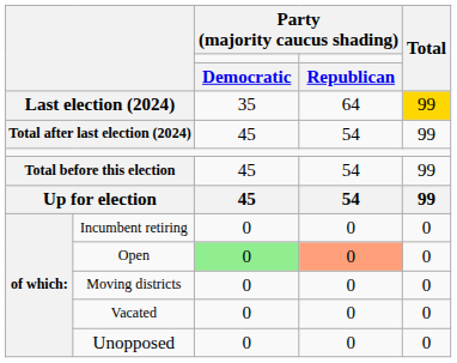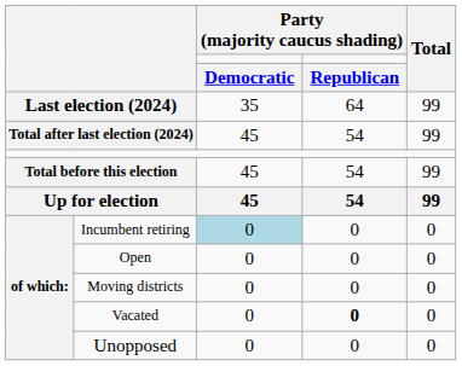 <table class="wikitable" style="text-align:center">
 <tr>
 <th colspan="2" rowspan="3"></th>
 <th colspan="2">Party<div>(majority caucus shading)</div></th>
 <th rowspan="3">Total</th>
 </tr>
 <tr style="height:5px">
 <td style="background-color:"></td>
 <td style="background-color:"></td>
 </tr>
 <tr>
 <th><a href='#'>Democratic</a></th>
 <th><a href='#'>Republican</a></th>
 </tr>
 <tr>
 <th colspan="2" nowrap="">Last election (2024)</th>
 <td>35</td>
 <td>64</td>
-<td style="background: gold;">99</td>
+<td>99</td>
 </tr>
 <tr>
 <th colspan="2" nowrap="" style="font-size:80%">Total after last election (2024)</th>
 <td>45</td>
 <td>54</td>
 <td>99</td>
 </tr>
 <tr>
 <td colspan="5"></td>
 </tr>
 <tr>
 <th colspan="2" nowrap="" style="font-size:80%">Total before this election</th>
 <td>45</td>
 <td>54</td>
 <td>99</td>
 </tr>
 <tr>
 <th colspan="2">Up for election</th>
 <th>45</th>
 <th>54</th>
 <th>99</th>
 </tr>
 <tr>
 <th rowspan="5" style="font-size:80%">of which:</th>
 <td nowrap="" style="font-size:80%">Incumbent retiring</td>
-<td>0</td>
+<td style="background: lightblue;">0</td>
 <td>0</td>
 <td>0</td>
 </tr>
 <tr>
 <td nowrap="" style="font-size:80%">Open</td>
-<td style="background: lightgreen;">0</td>
-<td style="background: lightsalmon;">0</td>
+<td>0</td>
+<td>0</td>
 <td>0</td>
 </tr>
 <tr>
 <td nowrap="" style="font-size:80%">Moving districts</td>
 <td>0</td>
 <td>0</td>
 <td>0</td>
 </tr>
 <tr>
 <td nowrap="" style="font-size:80%">Vacated</td>
 <td>0</td>
-<td>0</td>
+<td><strong>0</strong></td>
 <td>0</td>
 </tr>
 <tr>
 <td>Unopposed</td>
 <td>0</td>
 <td>0</td>
 <td>0</td>
 </tr>
 </table>
